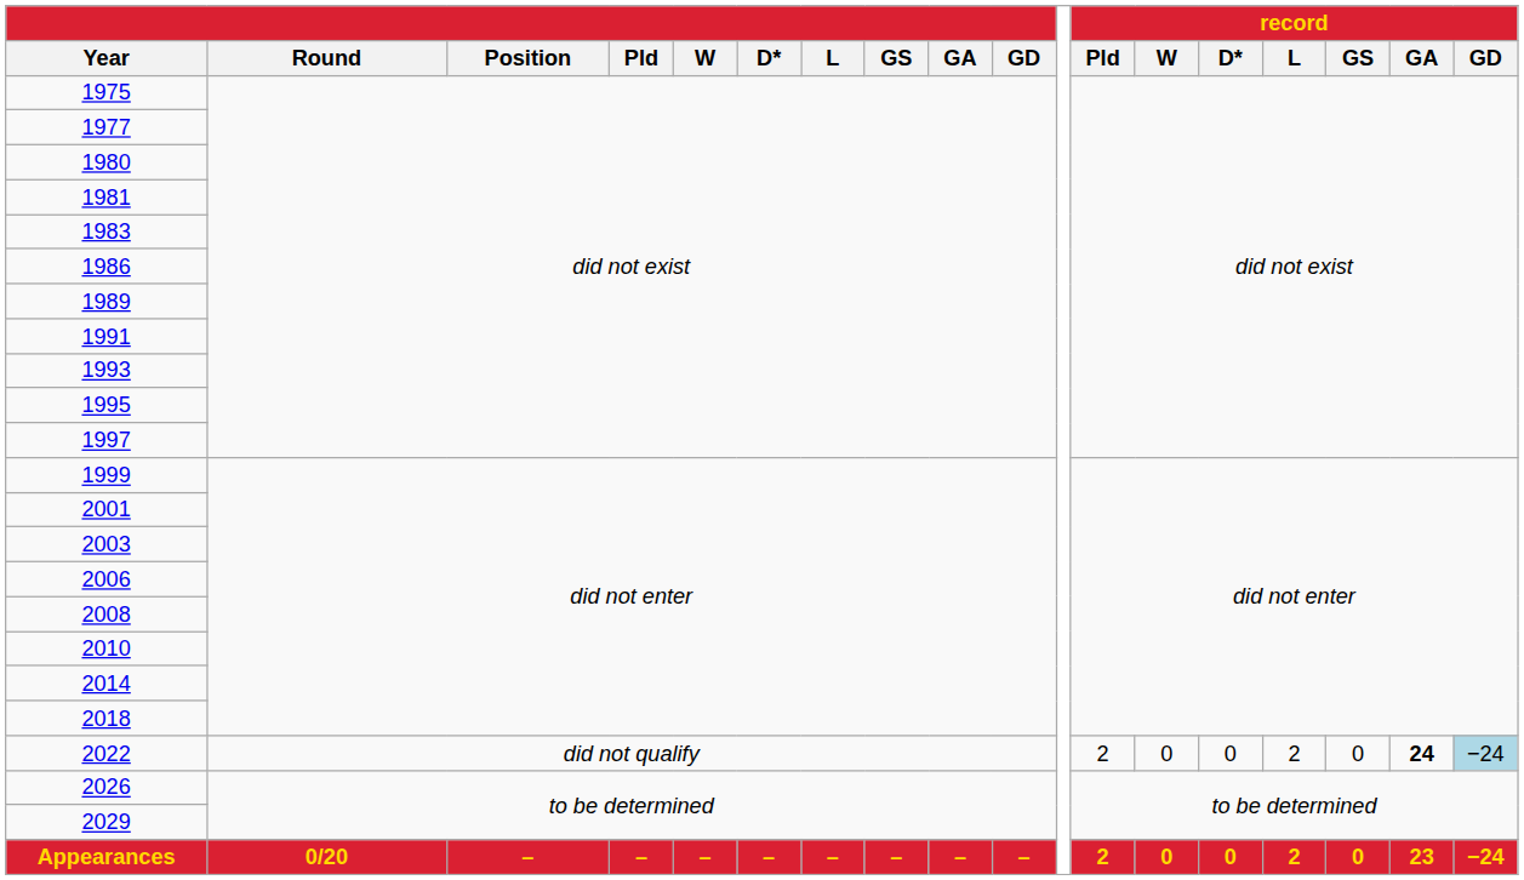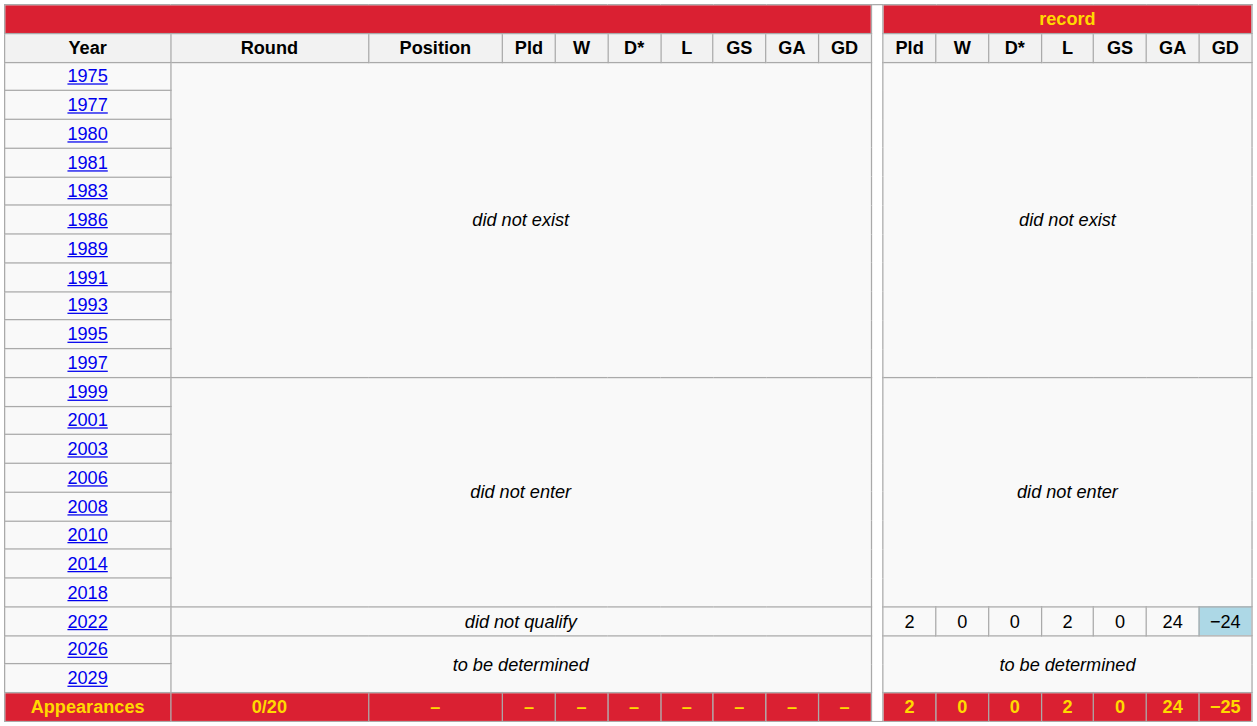 <table class="wikitable" style="text-align: center;font-size:90%;">
 <tr>
 <th colspan="10" style="background: #DA2032; color: #FFD900;"><a href='#'></a></th>
 <th style="width:1%;background:white" rowspan="25"></th>
 <th colspan="7" style="color:#FFD900; background:#DA2032;"><a href='#'></a> record</th>
 </tr>
 <tr>
 <th width=125>Year</th>
 <th width=150>Round</th>
 <th width=100>Position</th>
 <th width=35>Pld</th>
 <th width=35>W</th>
 <th width=35>D*</th>
 <th width=35>L</th>
 <th width=35>GS</th>
 <th width=35>GA</th>
 <th width=35>GD</th>
 <th width=35>Pld</th>
 <th width=35>W</th>
 <th width=35>D*</th>
 <th width=35>L</th>
 <th width=35>GS</th>
 <th width=35>GA</th>
 <th width=35>GD</th>
 </tr>
 <tr>
 <td> <a href='#'>1975</a></td>
 <td colspan="9" rowspan="11"><em>did not exist</em></td>
 <td colspan="7" rowspan="11"><em>did not exist</em></td>
 </tr>
 <tr>
 <td> <a href='#'>1977</a></td>
 </tr>
 <tr>
 <td> <a href='#'>1980</a></td>
 </tr>
 <tr>
 <td> <a href='#'>1981</a></td>
 </tr>
 <tr>
 <td> <a href='#'>1983</a></td>
 </tr>
 <tr>
 <td> <a href='#'>1986</a></td>
 </tr>
 <tr>
 <td> <a href='#'>1989</a></td>
 </tr>
 <tr>
 <td> <a href='#'>1991</a></td>
 </tr>
 <tr>
 <td> <a href='#'>1993</a></td>
 </tr>
 <tr>
 <td> <a href='#'>1995</a></td>
 </tr>
 <tr>
 <td> <a href='#'>1997</a></td>
 </tr>
 <tr>
 <td> <a href='#'>1999</a></td>
 <td colspan="9" rowspan="8"><em>did not enter</em></td>
 <td colspan="7" rowspan="8"><em>did not enter</em></td>
 </tr>
 <tr>
 <td> <a href='#'>2001</a></td>
 </tr>
 <tr>
 <td> <a href='#'>2003</a></td>
 </tr>
 <tr>
 <td> <a href='#'>2006</a></td>
 </tr>
 <tr>
 <td> <a href='#'>2008</a></td>
 </tr>
 <tr>
 <td> <a href='#'>2010</a></td>
 </tr>
 <tr>
 <td> <a href='#'>2014</a></td>
 </tr>
 <tr>
 <td> <a href='#'>2018</a></td>
 </tr>
 <tr>
 <td> <a href='#'>2022</a></td>
 <td colspan="9"><em>did not qualify</em></td>
 <td>2</td>
 <td>0</td>
 <td>0</td>
 <td>2</td>
 <td>0</td>
-<td><strong>24</strong></td>
+<td>24</td>
 <td style="background: lightblue;">−24</td>
 </tr>
 <tr>
 <td> <a href='#'>2026</a></td>
 <td colspan="9" rowspan="2"><em>to be determined</em></td>
 <td colspan="7" rowspan="2"><em>to be determined</em></td>
 </tr>
 <tr>
 <td> <a href='#'>2029</a></td>
 </tr>
 <tr>
 <td colspan=1 style="background: #DA2032; color: #FFD900;"><strong>Appearances</strong></td>
 <td style="background: #DA2032; color: #FFD900;"><strong>0/20</strong></td>
 <td style="background: #DA2032; color: #FFD900;"><strong>–</strong></td>
 <td style="background: #DA2032; color: #FFD900;"><strong>–</strong></td>
 <td style="background: #DA2032; color: #FFD900;"><strong>–</strong></td>
 <td style="background: #DA2032; color: #FFD900;"><strong>–</strong></td>
 <td style="background: #DA2032; color: #FFD900;"><strong>–</strong></td>
 <td style="background: #DA2032; color: #FFD900;"><strong>–</strong></td>
 <td style="background: #DA2032; color: #FFD900;"><strong>–</strong></td>
 <td style="background: #DA2032; color: #FFD900;"><strong>–</strong></td>
 <td style="background: #DA2032; color: #FFD900;"><strong>2</strong></td>
 <td style="background: #DA2032; color: #FFD900;"><strong>0</strong></td>
 <td style="background: #DA2032; color: #FFD900;"><strong>0</strong></td>
 <td style="background: #DA2032; color: #FFD900;"><strong>2</strong></td>
 <td style="background: #DA2032; color: #FFD900;"><strong>0</strong></td>
-<td style="background: #DA2032; color: #FFD900;"><strong>23</strong></td>
-<td style="background: #DA2032; color: #FFD900;"><strong>−24</strong></td>
+<td style="background: #DA2032; color: #FFD900;"><strong>24</strong></td>
+<td style="background: #DA2032; color: #FFD900;"><strong>−25</strong></td>
 </tr>
 </table>
